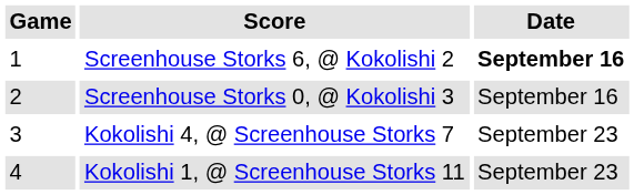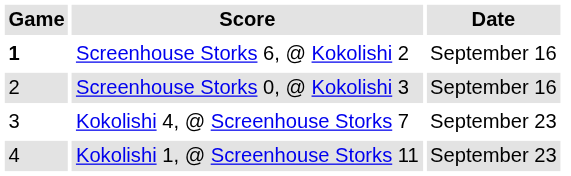 <table border="0" cellspacing="3" cellpadding="3">
 <tr style="background: #e3e3e3;">
 <th>Game</th>
 <th>Score</th>
 <th>Date</th>
 </tr>
 <tr>
-<td>1</td>
+<td><strong>1</strong></td>
 <td><a href='#'>Screenhouse Storks</a> 6, @ <a href='#'>Kokolishi</a> 2</td>
-<td><strong>September 16</strong></td>
+<td>September 16</td>
 </tr>
 <tr style="background: #e3e3e3;">
 <td>2</td>
 <td><a href='#'>Screenhouse Storks</a> 0, @ <a href='#'>Kokolishi</a> 3</td>
 <td>September 16</td>
 </tr>
 <tr>
 <td>3</td>
 <td><a href='#'>Kokolishi</a> 4, @ <a href='#'>Screenhouse Storks</a> 7</td>
 <td>September 23</td>
 </tr>
 <tr style="background: #e3e3e3;">
 <td>4</td>
 <td><a href='#'>Kokolishi</a> 1, @ <a href='#'>Screenhouse Storks</a> 11</td>
 <td>September 23</td>
 </tr>
 <tr>
 </tr>
 </table>
